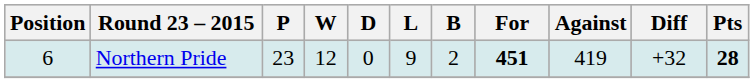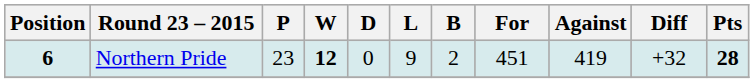 <table class="wikitable" style="text-align:center; font-size:85%;">
 <tr>
 <th width=40 abbr="Position">Position</th>
 <th width=100>Round 23 – 2015</th>
 <th width=20 abbr="Played">P</th>
 <th width=20 abbr="Won">W</th>
 <th width=20 abbr="Drawn">D</th>
 <th width=20 abbr="Lost">L</th>
 <th width=20 abbr="Bye">B</th>
 <th width=40 abbr="Points for">For</th>
 <th width=40 abbr="Points against">Against</th>
 <th width=40 abbr="Points difference">Diff</th>
 <th width=20 abbr="Points">Pts</th>
 </tr>
 <tr style="background: #d7ebed;">
-<td>6</td>
+<td><strong>6</strong></td>
 <td style="text-align:left;"> <a href='#'>Northern Pride</a></td>
 <td>23</td>
-<td>12</td>
+<td><strong>12</strong></td>
 <td>0</td>
 <td>9</td>
 <td>2</td>
-<td><strong>451</strong></td>
+<td>451</td>
 <td>419</td>
 <td>+32</td>
 <td><strong>28</strong></td>
 </tr>
 <tr>
 </tr>
 </table>
